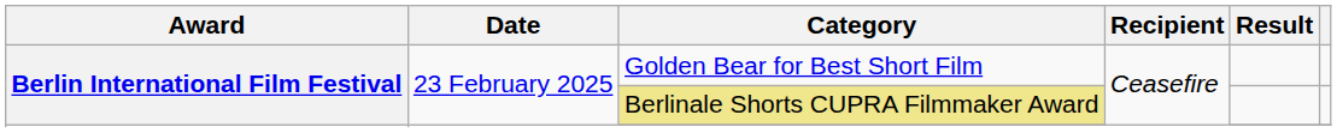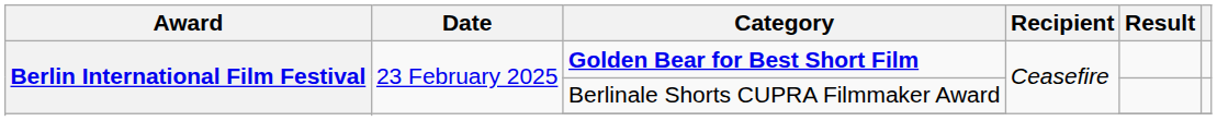 <table class="wikitable sortable plainrowheaders">
 <tr>
 <th>Award</th>
 <th>Date</th>
 <th>Category</th>
 <th>Recipient</th>
 <th>Result</th>
 <th></th>
 </tr>
 <tr>
 <th scope="row" rowspan=3><a href='#'>Berlin International Film Festival</a></th>
 <td rowspan=3><a href='#'>23 February 2025</a></td>
-<td><a href='#'>Golden Bear for Best Short Film</a></td>
+<td><strong><a href='#'>Golden Bear for Best Short Film</a></strong></td>
 <td rowspan="3"><em>Ceasefire</em></td>
 <td></td>
 <td align="center" rowspan="1"></td>
 </tr>
 <tr>
-<td style="background: khaki;">Berlinale Shorts CUPRA Filmmaker Award</td>
+<td>Berlinale Shorts CUPRA Filmmaker Award</td>
 <td></td>
 <td align="center" rowspan="1"></td>
 </tr>
 <tr>
 </tr>
 </table>
